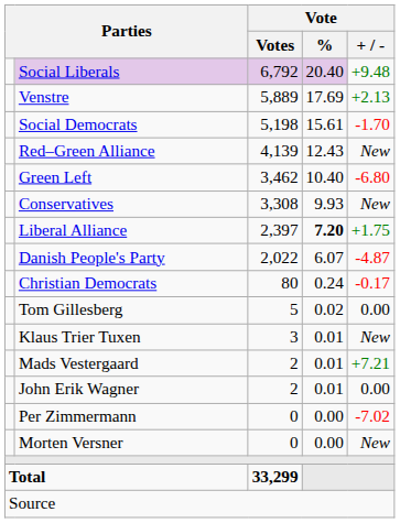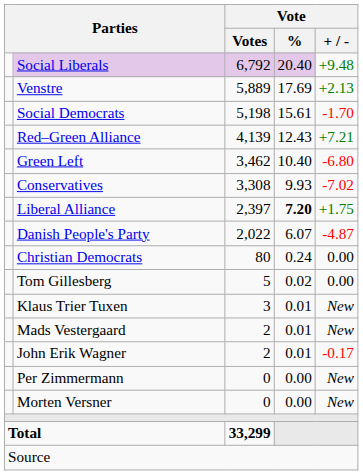 <table class="wikitable" style="text-align:right;">
 <tr>
 <th style="text-align:centre;" rowspan="2" colspan="2" width="225">Parties</th>
 <th colspan="3">Vote</th>
 </tr>
 <tr>
 <th width="15">Votes</th>
 <th width="15">%</th>
 <th width="15">+ / -</th>
 </tr>
 <tr>
 <td width="2" style="color:inherit;background:"></td>
 <td bgcolor=#e3c8e9  align="left"><a href='#'>Social Liberals</a></td>
 <td bgcolor=#e3c8e9>6,792</td>
 <td bgcolor=#e3c8e9>20.40</td>
 <td style=color:green;>+9.48</td>
 </tr>
 <tr>
 <td width="2" style="color:inherit;background:"></td>
 <td align="left"><a href='#'>Venstre</a></td>
 <td>5,889</td>
 <td>17.69</td>
 <td style=color:green;>+2.13</td>
 </tr>
 <tr>
 <td width="2" style="color:inherit;background:"></td>
 <td align="left"><a href='#'>Social Democrats</a></td>
 <td>5,198</td>
 <td>15.61</td>
 <td style=color:red;>-1.70</td>
 </tr>
 <tr>
 <td width="2" style="color:inherit;background:"></td>
 <td align="left"><a href='#'>Red–Green Alliance</a></td>
 <td>4,139</td>
 <td>12.43</td>
-<td><em>New</em></td>
+<td style=color:green;>+7.21</td>
 </tr>
 <tr>
 <td width="2" style="color:inherit;background:"></td>
 <td align="left"><a href='#'>Green Left</a></td>
 <td>3,462</td>
 <td>10.40</td>
 <td style=color:red;>-6.80</td>
 </tr>
 <tr>
 <td width="2" style="color:inherit;background:"></td>
 <td align="left"><a href='#'>Conservatives</a></td>
 <td>3,308</td>
 <td>9.93</td>
-<td><em>New</em></td>
+<td style=color:red;>-7.02</td>
 </tr>
 <tr>
 <td width="2" style="color:inherit;background:"></td>
 <td align="left"><a href='#'>Liberal Alliance</a></td>
 <td>2,397</td>
 <td><strong>7.20</strong></td>
 <td style=color:green;>+1.75</td>
 </tr>
 <tr>
 <td width="2" style="color:inherit;background:"></td>
 <td align="left"><a href='#'>Danish People's Party</a></td>
 <td>2,022</td>
 <td>6.07</td>
 <td style=color:red;>-4.87</td>
 </tr>
 <tr>
 <td width="2" style="color:inherit;background:"></td>
 <td align="left"><a href='#'>Christian Democrats</a></td>
 <td>80</td>
 <td>0.24</td>
-<td style=color:red;>-0.17</td>
+<td>0.00</td>
 </tr>
 <tr>
 <td width="2" style="color:inherit;background:"></td>
 <td align="left">Tom Gillesberg</td>
 <td>5</td>
 <td>0.02</td>
 <td>0.00</td>
 </tr>
 <tr>
 <td width="2" style="color:inherit;background:"></td>
 <td align="left">Klaus Trier Tuxen</td>
 <td>3</td>
 <td>0.01</td>
 <td><em>New</em></td>
 </tr>
 <tr>
 <td width="2" style="color:inherit;background:"></td>
 <td align="left">Mads Vestergaard</td>
 <td>2</td>
 <td>0.01</td>
-<td style=color:green;>+7.21</td>
+<td><em>New</em></td>
 </tr>
 <tr>
 <td width="2" style="color:inherit;background:"></td>
 <td align="left">John Erik Wagner</td>
 <td>2</td>
 <td>0.01</td>
-<td>0.00</td>
+<td style=color:red;>-0.17</td>
 </tr>
 <tr>
 <td width="2" style="color:inherit;background:"></td>
 <td align="left">Per Zimmermann</td>
 <td>0</td>
 <td>0.00</td>
-<td style=color:red;>-7.02</td>
+<td><em>New</em></td>
 </tr>
 <tr>
 <td width="2" style="color:inherit;background:"></td>
 <td align="left">Morten Versner</td>
 <td>0</td>
 <td>0.00</td>
 <td><em>New</em></td>
 </tr>
 <tr>
 <td colspan="7" bgcolor="#E9E9E9"></td>
 </tr>
 <tr>
 <td align="left" colspan="2"><strong>Total</strong></td>
 <td><strong>33,299</strong></td>
 <td bgcolor="#E9E9E9" colspan="2"></td>
 </tr>
 <tr>
 <td align="left" colspan="6">Source</td>
 </tr>
 </table>
